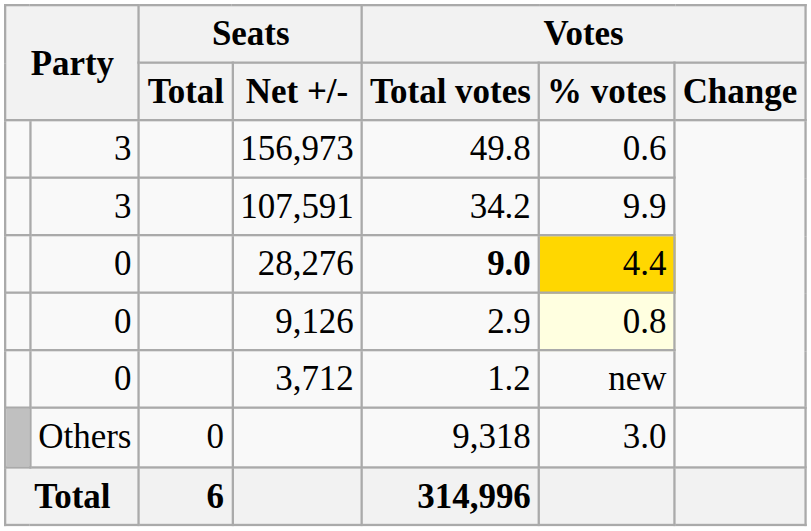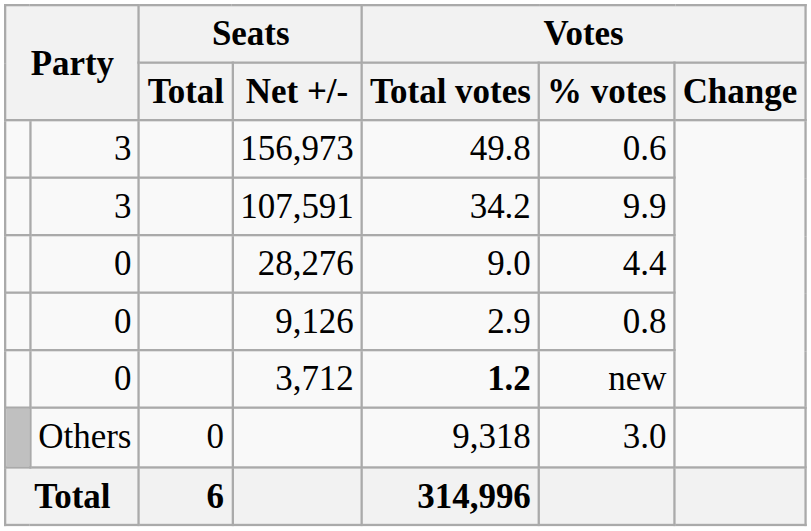 <table class="wikitable" style="text-align:right; font-size:95%;">
 <tr>
 <th colspan="2" rowspan="2">Party</th>
 <th colspan="2">Seats</th>
 <th colspan="3">Votes</th>
 </tr>
 <tr>
 <th>Total</th>
 <th>Net +/-</th>
 <th>Total votes</th>
 <th>% votes</th>
 <th>Change</th>
 </tr>
 <tr>
 <td></td>
 <td>3</td>
 <td></td>
 <td>156,973</td>
 <td>49.8</td>
 <td>0.6</td>
 </tr>
 <tr>
 <td></td>
 <td>3</td>
 <td></td>
 <td>107,591</td>
 <td>34.2</td>
 <td>9.9</td>
 </tr>
 <tr>
 <td></td>
 <td>0</td>
 <td></td>
 <td>28,276</td>
-<td><strong>9.0</strong></td>
-<td style="background: gold;">4.4</td>
+<td>9.0</td>
+<td>4.4</td>
 </tr>
 <tr>
 <td></td>
 <td>0</td>
 <td></td>
 <td>9,126</td>
 <td>2.9</td>
-<td style="background: lightyellow;">0.8</td>
+<td>0.8</td>
 </tr>
 <tr>
 <td></td>
 <td>0</td>
 <td></td>
 <td>3,712</td>
-<td>1.2</td>
+<td><strong>1.2</strong></td>
 <td>new</td>
 </tr>
 <tr>
 <td style="background:silver;"> </td>
 <td align=left>Others</td>
 <td>0</td>
 <td></td>
 <td>9,318</td>
 <td>3.0</td>
 <td></td>
 </tr>
 <tr>
 <th colspan="2" style="background:#f2f2f2">Total</th>
 <td style="background:#f2f2f2;"><strong>6</strong></td>
 <td style="background:#f2f2f2;"></td>
 <td style="background:#f2f2f2;"><strong>314,996</strong></td>
 <td style="background:#f2f2f2;"></td>
 <td style="background:#f2f2f2;"></td>
 </tr>
 </table>
